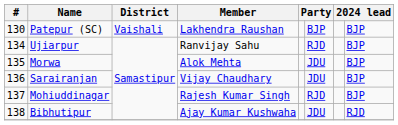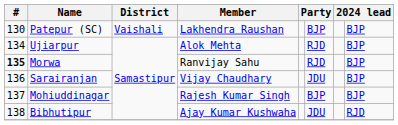 <table class="wikitable">
 <tr>
 <th>#</th>
 <th>Name</th>
 <th>District</th>
 <th>Member</th>
 <th colspan="2">Party</th>
 <th colspan="2">2024 lead</th>
 </tr>
 <tr>
 <td>130</td>
 <td><a href='#'>Patepur</a> (SC)</td>
 <td><a href='#'>Vaishali</a></td>
 <td><a href='#'>Lakhendra Raushan</a></td>
 <td style="background-color: "></td>
 <td><a href='#'>BJP</a></td>
 <td style="background-color: "></td>
 <td><a href='#'>BJP</a></td>
 </tr>
 <tr>
 <td>134</td>
 <td><a href='#'>Ujiarpur</a></td>
 <td rowspan="5"><a href='#'>Samastipur</a></td>
-<td>Ranvijay Sahu</td>
+<td><a href='#'>Alok Mehta</a></td>
 <td style="background-color: "></td>
 <td><a href='#'>RJD</a></td>
 <td style="background-color: "></td>
 <td><a href='#'>BJP</a></td>
 </tr>
 <tr>
-<td>135</td>
+<td><strong>135</strong></td>
 <td><a href='#'>Morwa</a></td>
-<td><a href='#'>Alok Mehta</a></td>
+<td>Ranvijay Sahu</td>
 <td style="background-color: "></td>
-<td><a href='#'>JDU</a></td>
+<td><a href='#'>RJD</a></td>
 <td style="background-color: "></td>
 <td><a href='#'>BJP</a></td>
 </tr>
 <tr>
 <td>136</td>
 <td><a href='#'>Sarairanjan</a></td>
 <td><a href='#'>Vijay Chaudhary</a></td>
 <td style="background-color: "></td>
 <td><a href='#'>JDU</a></td>
 <td style="background-color: "></td>
 <td><a href='#'>BJP</a></td>
 </tr>
 <tr>
 <td>137</td>
 <td><a href='#'>Mohiuddinagar</a></td>
 <td><a href='#'>Rajesh Kumar Singh</a></td>
 <td style="background-color: "></td>
-<td><a href='#'>RJD</a></td>
+<td><a href='#'>BJP</a></td>
 <td style="background-color: "></td>
 <td><a href='#'>BJP</a></td>
 </tr>
 <tr>
 <td>138</td>
 <td><a href='#'>Bibhutipur</a></td>
 <td><a href='#'>Ajay Kumar Kushwaha </a></td>
 <td style="background-color: "></td>
 <td><a href='#'>JDU</a></td>
 <td style="background-color: "></td>
 <td><a href='#'>RJD</a></td>
 </tr>
 <tr>
 </tr>
 </table>
